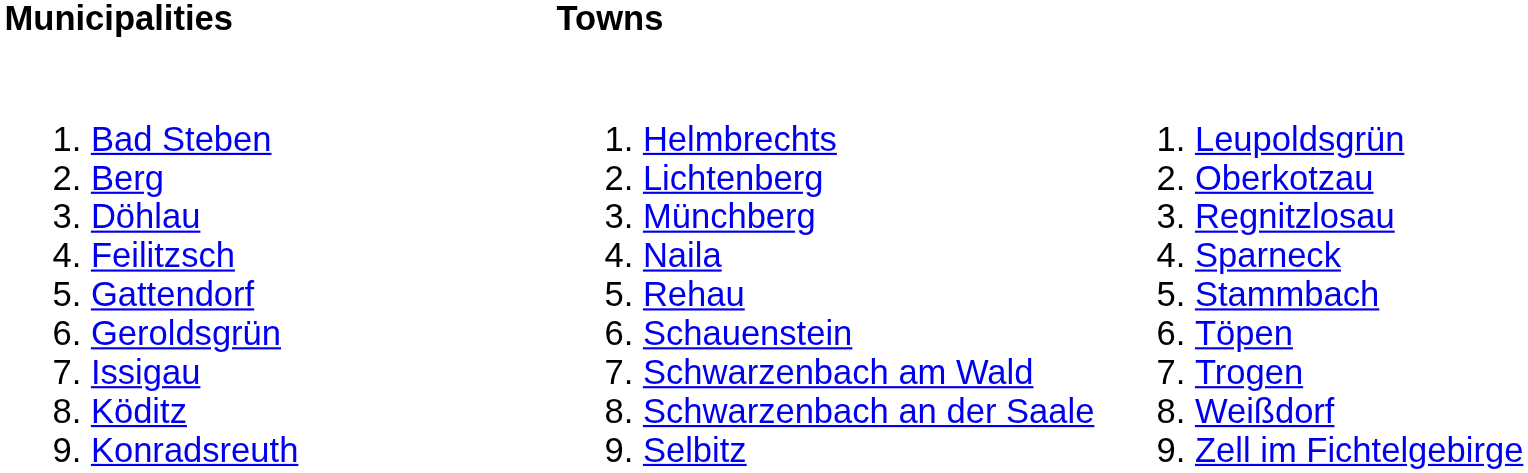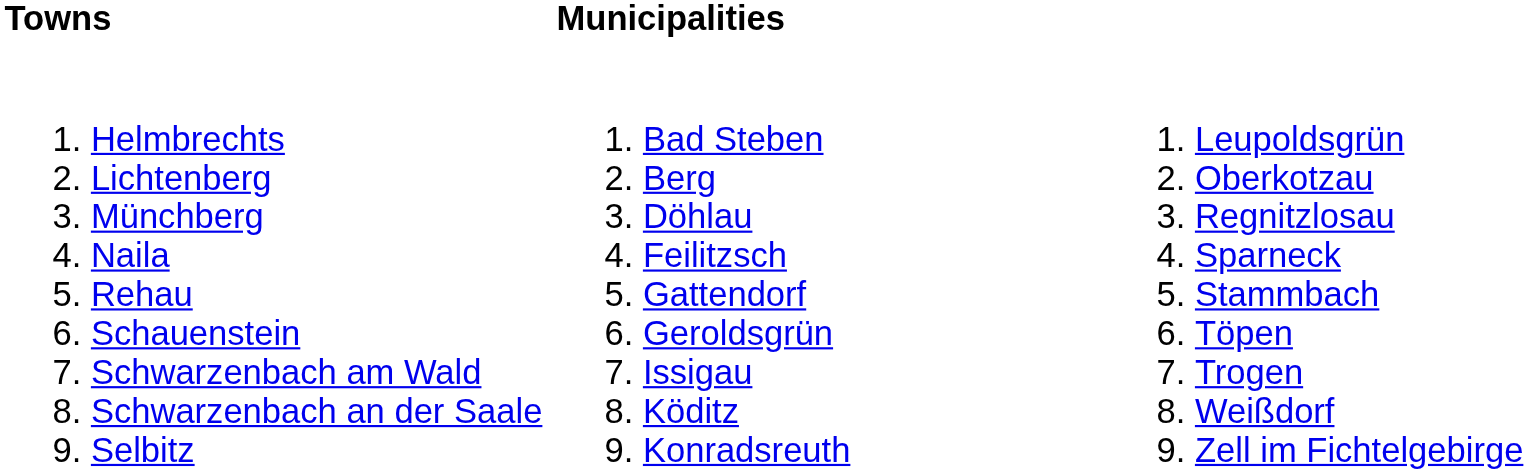 <table>
 <tr>
+<th align=left width=33%>Towns</th>
 <th align=left width=33%>Municipalities</th>
-<th align=left width=33%>Towns</th>
 <th align=left width=33%></th>
 </tr>
 <tr valign=top>
+<td><br><ol><li><a href='#'>Helmbrechts</a></li><li><a href='#'>Lichtenberg</a></li><li><a href='#'>Münchberg</a></li><li><a href='#'>Naila</a></li><li><a href='#'>Rehau</a></li><li><a href='#'>Schauenstein</a></li><li><a href='#'>Schwarzenbach am Wald</a></li><li><a href='#'>Schwarzenbach an der Saale</a></li><li><a href='#'>Selbitz</a></li></ol></td>
 <td><br><ol><li><a href='#'>Bad Steben</a></li><li><a href='#'>Berg</a></li><li><a href='#'>Döhlau</a></li><li><a href='#'>Feilitzsch</a></li><li><a href='#'>Gattendorf</a></li><li><a href='#'>Geroldsgrün</a></li><li><a href='#'>Issigau</a></li><li><a href='#'>Köditz</a></li><li><a href='#'>Konradsreuth</a></li></ol></td>
-<td><br><ol><li><a href='#'>Helmbrechts</a></li><li><a href='#'>Lichtenberg</a></li><li><a href='#'>Münchberg</a></li><li><a href='#'>Naila</a></li><li><a href='#'>Rehau</a></li><li><a href='#'>Schauenstein</a></li><li><a href='#'>Schwarzenbach am Wald</a></li><li><a href='#'>Schwarzenbach an der Saale</a></li><li><a href='#'>Selbitz</a></li></ol></td>
 <td><br><ol> <li><a href='#'>Leupoldsgrün</a> <li><a href='#'>Oberkotzau</a> <li><a href='#'>Regnitzlosau</a> <li><a href='#'>Sparneck</a> <li><a href='#'>Stammbach</a> <li><a href='#'>Töpen</a> <li><a href='#'>Trogen</a> <li><a href='#'>Weißdorf</a> <li><a href='#'>Zell im Fichtelgebirge</a> </ol></td>
 </tr>
 </table>
